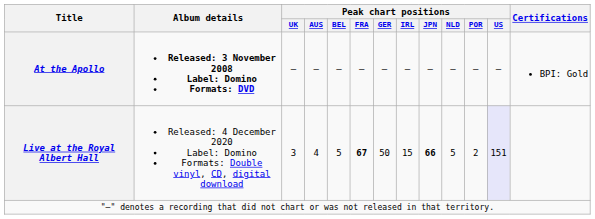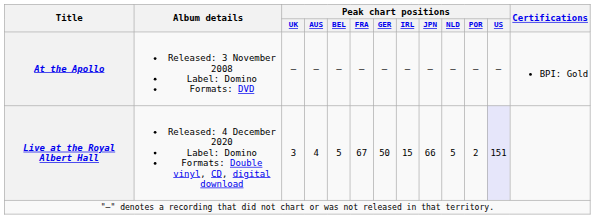 <table class="wikitable plainrowheaders" style="text-align:center;" border="1">
 <tr>
 <th rowspan="2" style="width:14em;">Title</th>
 <th rowspan="2" style="width:16em;">Album details</th>
 <th colspan="10">Peak chart positions</th>
 <th rowspan="2"><a href='#'>Certifications</a></th>
 </tr>
 <tr>
 <th scope="col" style="width:2.5em;font-size:85%;"><a href='#'>UK</a><br></th>
 <th scope="col" style="width:2.5em;font-size:85%;"><a href='#'>AUS</a><br></th>
 <th scope="col" style="width:2.5em;font-size:85%;"><a href='#'>BEL</a><br></th>
 <th scope="col" style="width:2.5em;font-size:85%;"><a href='#'>FRA</a><br></th>
 <th scope="col" style="width:2.5em;font-size:85%;"><a href='#'>GER</a><br></th>
 <th scope="col" style="width:2.5em;font-size:85%;"><a href='#'>IRL</a><br></th>
 <th scope="col" style="width:2.5em;font-size:85%;"><a href='#'>JPN</a><br></th>
 <th scope="col" style="width:2.5em;font-size:85%;"><a href='#'>NLD</a><br></th>
 <th scope="col" style="width:2.5em;font-size:85%;"><a href='#'>POR</a><br></th>
 <th scope="col" style="width:2.5em;font-size:85%;"><a href='#'>US</a><br></th>
 </tr>
 <tr>
 <th scope="row"><em><a href='#'>At the Apollo</a></em></th>
-<td><strong><br><ul><li>Released: 3 November 2008</li><li>Label: Domino</li><li>Formats: <a href='#'>DVD</a></li></ul></strong></td>
+<td><br><ul><li>Released: 3 November 2008</li><li>Label: Domino</li><li>Formats: <a href='#'>DVD</a></li></ul></td>
 <td>—</td>
 <td>—</td>
 <td>—</td>
 <td>—</td>
 <td>—</td>
 <td>—</td>
 <td>—</td>
 <td>—</td>
 <td>—</td>
 <td>—</td>
 <td><br><ul><li>BPI: Gold</li></ul></td>
 </tr>
 <tr>
 <th scope="row"><em><a href='#'>Live at the Royal Albert Hall</a></em></th>
 <td><br><ul><li>Released: 4 December 2020</li><li>Label: Domino</li><li>Formats: <a href='#'>Double vinyl</a>, <a href='#'>CD</a>, <a href='#'>digital download</a></li></ul></td>
 <td>3</td>
 <td>4</td>
 <td>5</td>
-<td><strong>67</strong></td>
+<td>67</td>
 <td>50</td>
 <td>15</td>
-<td><strong>66</strong></td>
+<td>66</td>
 <td>5</td>
 <td>2</td>
 <td style="background: lavender;">151</td>
 <td></td>
 </tr>
 <tr>
 <td colspan="14" style="font-size:90%">"—" denotes a recording that did not chart or was not released in that territory.</td>
 </tr>
 </table>
